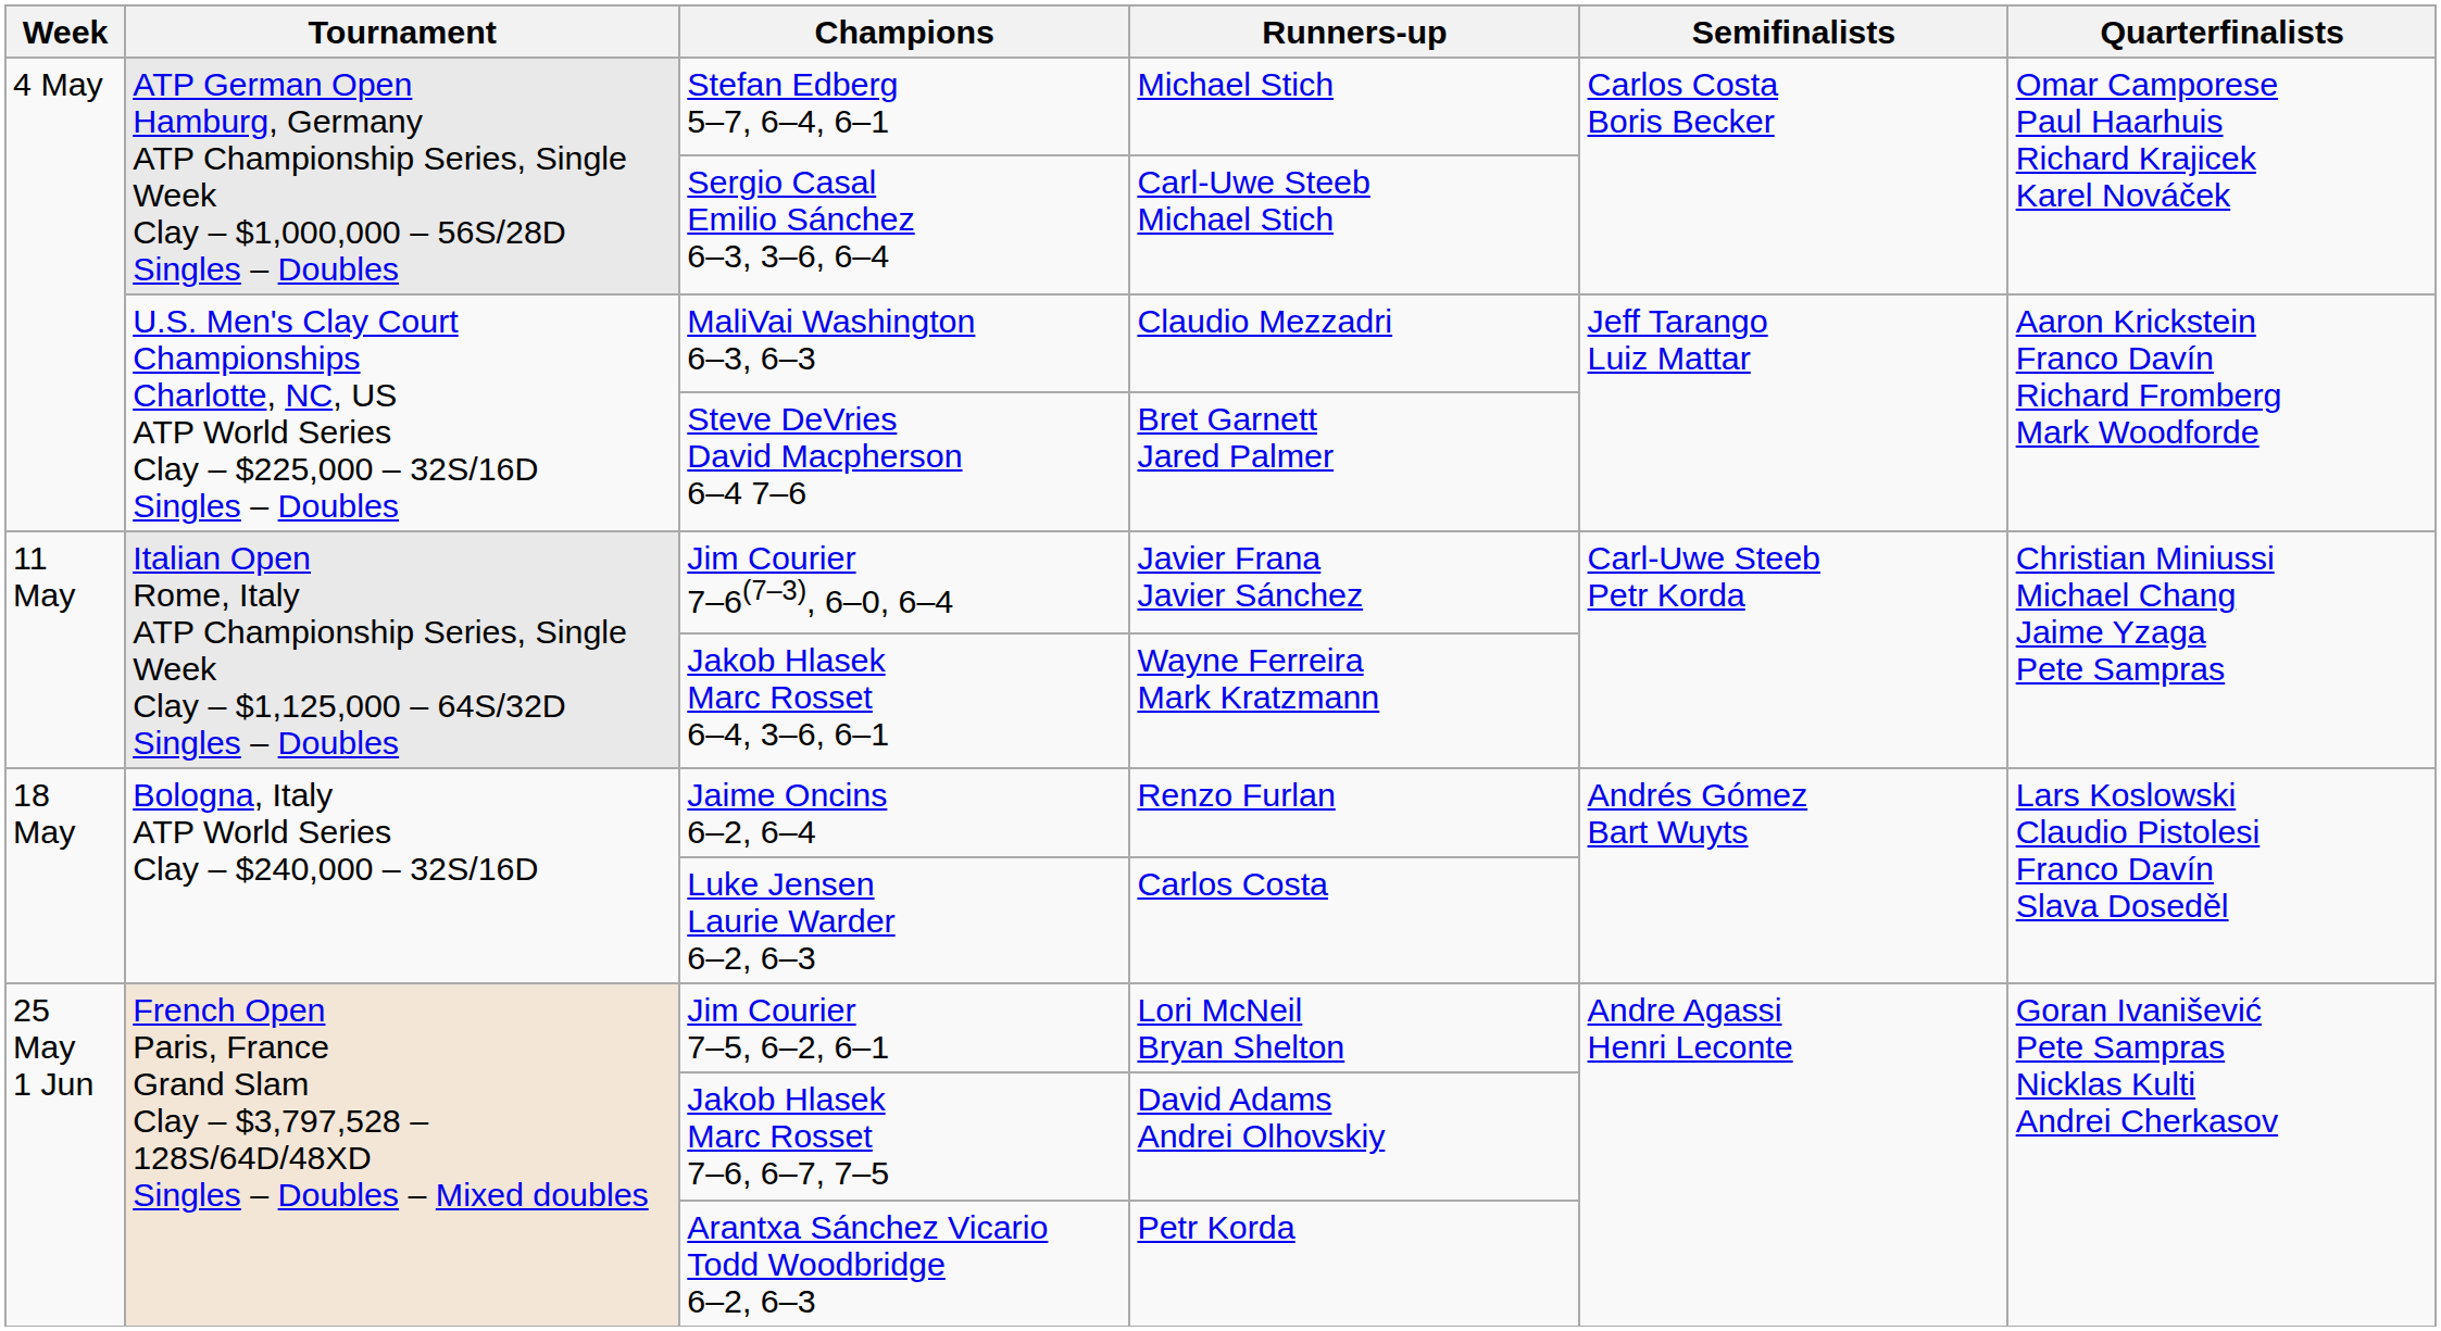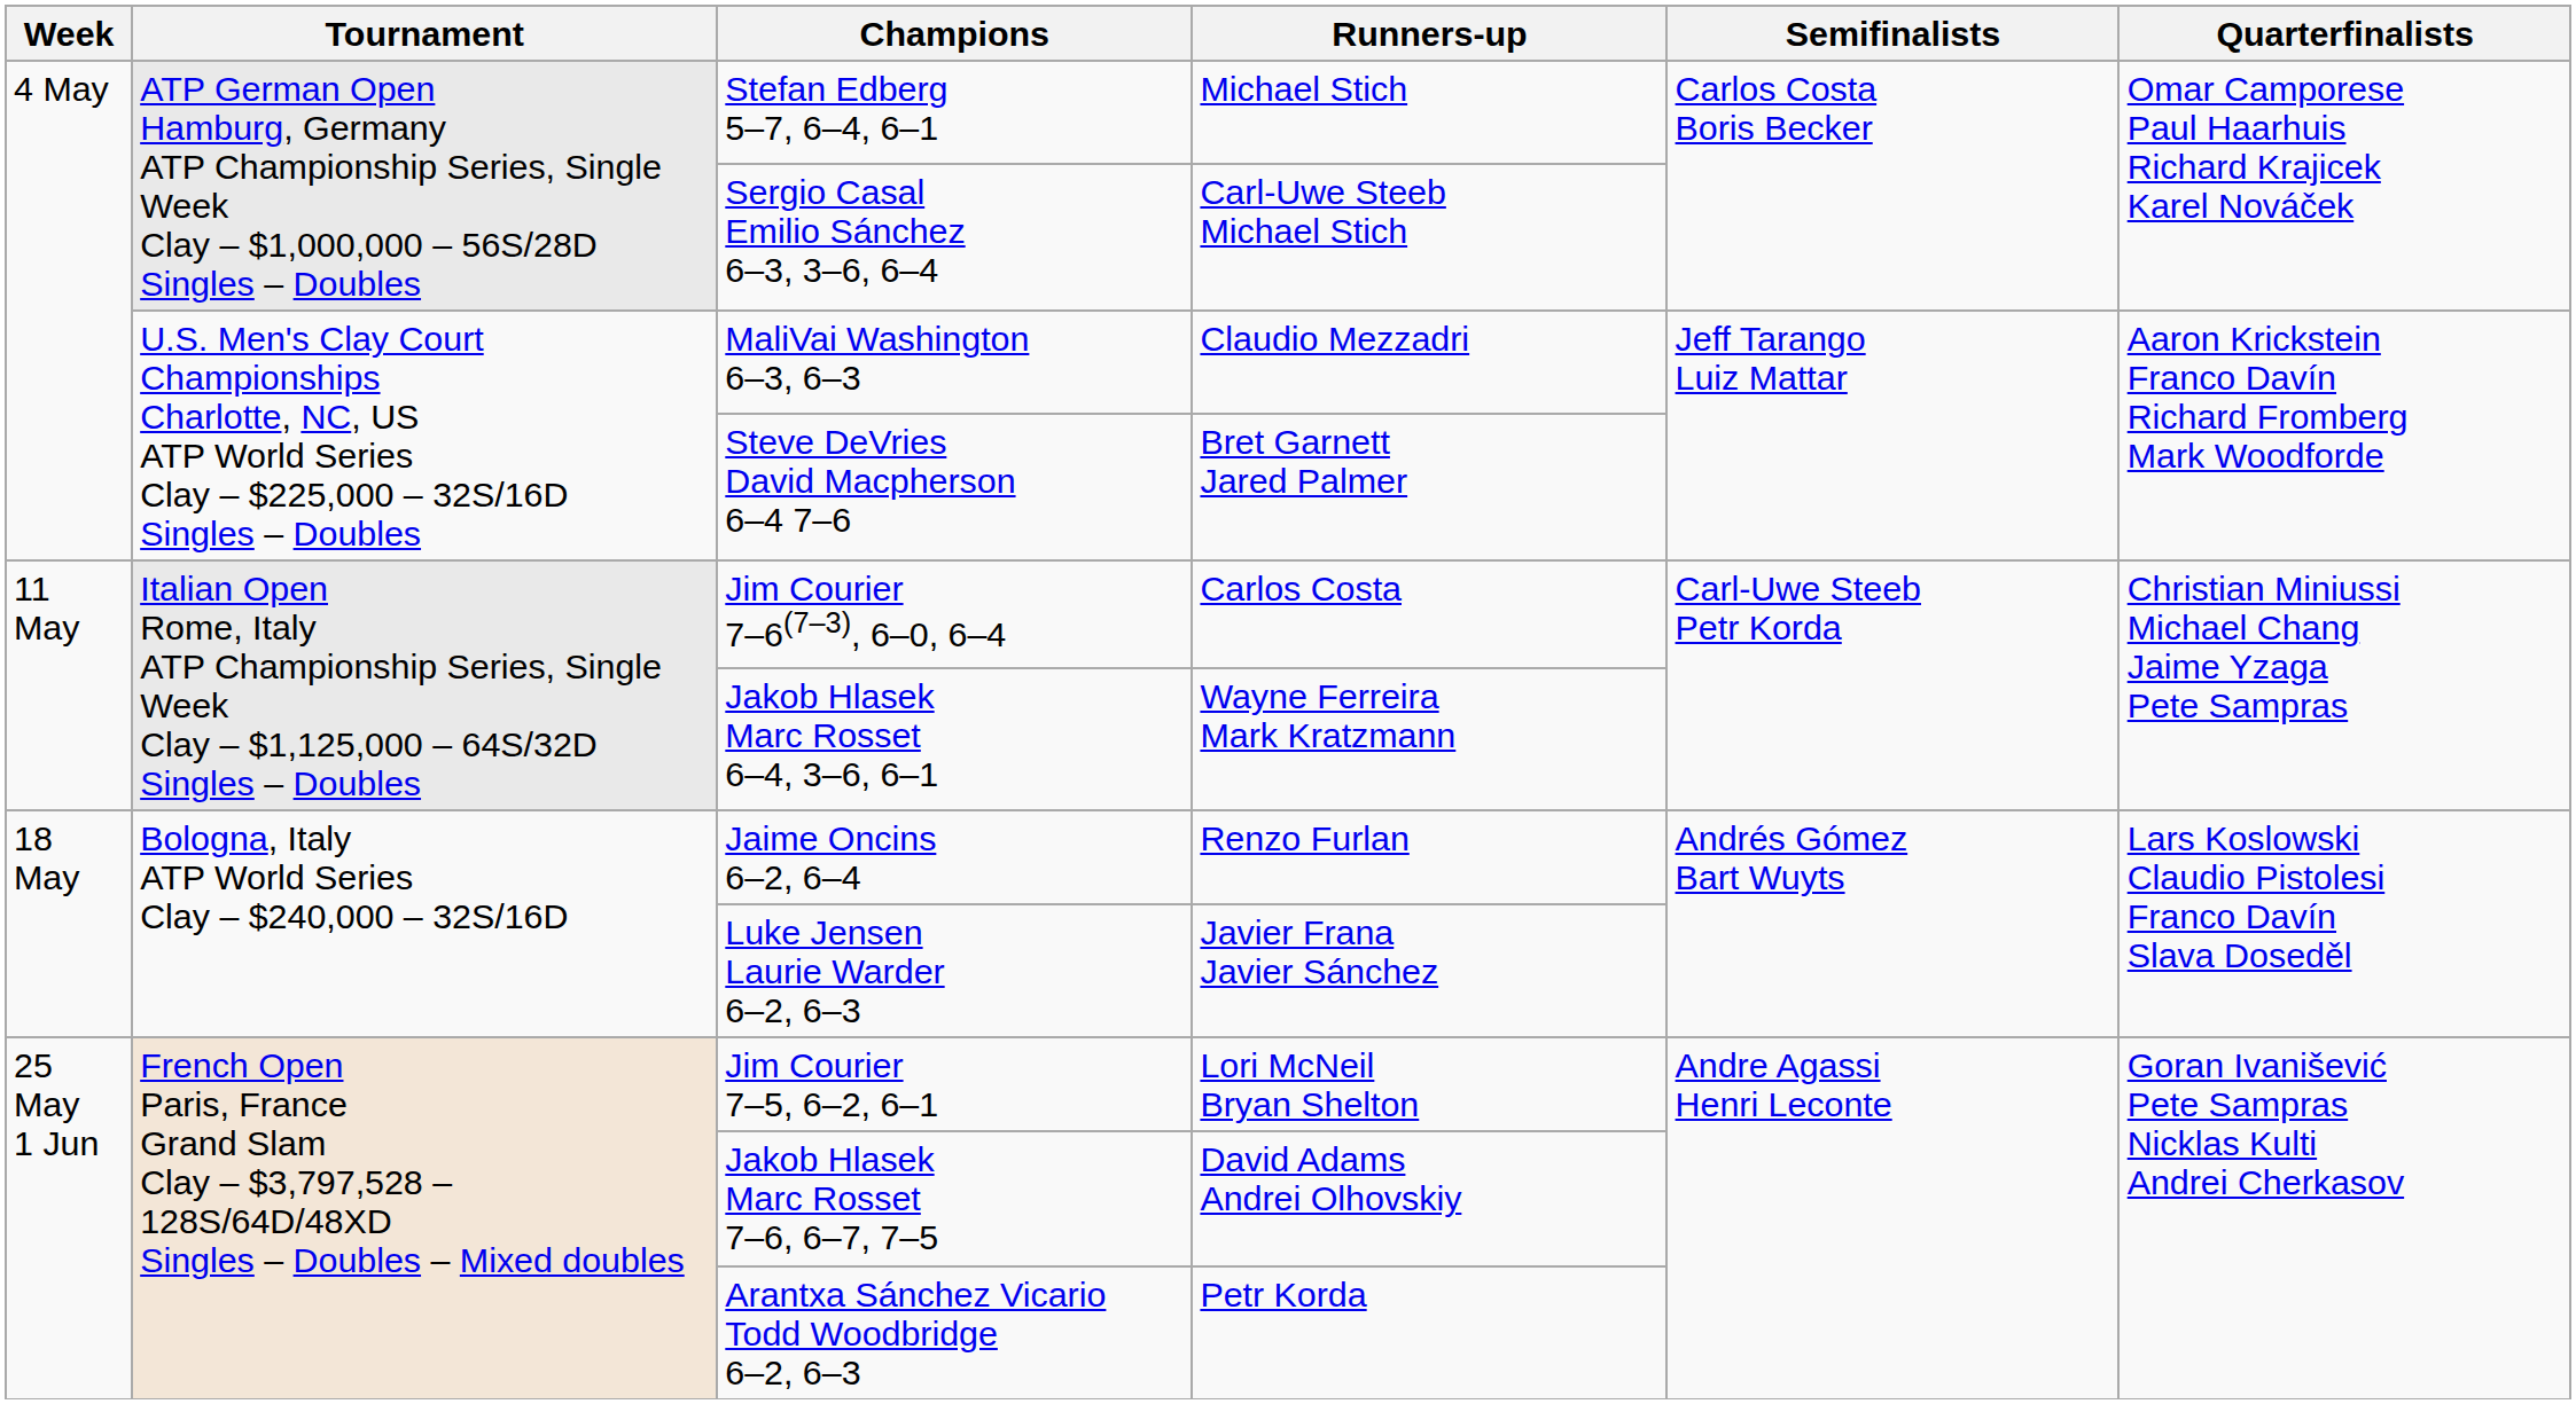 <table class=wikitable style=font-size:95%>
 <tr>
 <th style="width:48px;">Week</th>
 <th style="width:248px;">Tournament</th>
 <th style="width:200px;">Champions</th>
 <th style="width:200px;">Runners-up</th>
 <th style="width:190px;">Semifinalists</th>
 <th style="width:190px;">Quarterfinalists</th>
 </tr>
 <tr valign=top>
 <td rowspan=4>4 May</td>
 <td bgcolor=#E9E9E9 rowspan=2><a href='#'>ATP German Open</a> <br> <a href='#'>Hamburg</a>, Germany<br>ATP Championship Series, Single Week<br> Clay – $1,000,000 – 56S/28D <br> <a href='#'>Singles</a> – <a href='#'>Doubles</a></td>
 <td> <a href='#'>Stefan Edberg</a><br> 5–7, 6–4, 6–1</td>
 <td> <a href='#'>Michael Stich</a></td>
 <td rowspan=2> <a href='#'>Carlos Costa</a><br> <a href='#'>Boris Becker</a></td>
 <td rowspan=2> <a href='#'>Omar Camporese</a><br> <a href='#'>Paul Haarhuis</a><br> <a href='#'>Richard Krajicek</a><br> <a href='#'>Karel Nováček</a></td>
 </tr>
 <tr valign=top>
 <td> <a href='#'>Sergio Casal</a> <br>  <a href='#'>Emilio Sánchez</a><br> 6–3, 3–6, 6–4</td>
 <td> <a href='#'>Carl-Uwe Steeb</a> <br>  <a href='#'>Michael Stich</a></td>
 </tr>
 <tr valign=top>
 <td rowspan=2><a href='#'>U.S. Men's Clay Court Championships</a> <br> <a href='#'>Charlotte</a>, <a href='#'>NC</a>, US<br>ATP World Series <br> Clay – $225,000 – 32S/16D <br> <a href='#'>Singles</a> – <a href='#'>Doubles</a></td>
 <td> <a href='#'>MaliVai Washington</a><br> 6–3, 6–3</td>
 <td> <a href='#'>Claudio Mezzadri</a></td>
 <td rowspan=2> <a href='#'>Jeff Tarango</a><br> <a href='#'>Luiz Mattar</a></td>
 <td rowspan=2> <a href='#'>Aaron Krickstein</a><br> <a href='#'>Franco Davín</a><br> <a href='#'>Richard Fromberg</a><br> <a href='#'>Mark Woodforde</a></td>
 </tr>
 <tr valign=top>
 <td> <a href='#'>Steve DeVries</a> <br>  <a href='#'>David Macpherson</a><br> 6–4 7–6</td>
 <td> <a href='#'>Bret Garnett</a> <br>  <a href='#'>Jared Palmer</a></td>
 </tr>
 <tr valign=top>
 <td rowspan=2>11 May</td>
 <td bgcolor=#E9E9E9 rowspan=2><a href='#'>Italian Open</a> <br>  Rome, Italy<br>ATP Championship Series, Single Week <br> Clay – $1,125,000 – 64S/32D <br> <a href='#'>Singles</a> – <a href='#'>Doubles</a></td>
 <td> <a href='#'>Jim Courier</a><br> 7–6<sup>(7–3)</sup>, 6–0, 6–4</td>
-<td> <a href='#'>Javier Frana</a> <br>  <a href='#'>Javier Sánchez</a></td>
+<td> <a href='#'>Carlos Costa</a></td>
 <td rowspan=2> <a href='#'>Carl-Uwe Steeb</a><br> <a href='#'>Petr Korda</a></td>
 <td rowspan=2> <a href='#'>Christian Miniussi</a><br> <a href='#'>Michael Chang</a><br> <a href='#'>Jaime Yzaga</a><br> <a href='#'>Pete Sampras</a></td>
 </tr>
 <tr valign=top>
 <td> <a href='#'>Jakob Hlasek</a> <br>  <a href='#'>Marc Rosset</a><br> 6–4, 3–6, 6–1</td>
 <td> <a href='#'>Wayne Ferreira</a> <br>  <a href='#'>Mark Kratzmann</a></td>
 </tr>
 <tr valign=top>
 <td rowspan=2>18 May</td>
 <td rowspan=2><a href='#'>Bologna</a>, Italy<br>ATP World Series <br>Clay – $240,000 – 32S/16D</td>
 <td> <a href='#'>Jaime Oncins</a><br> 6–2, 6–4</td>
 <td> <a href='#'>Renzo Furlan</a></td>
 <td rowspan=2> <a href='#'>Andrés Gómez</a><br> <a href='#'>Bart Wuyts</a></td>
 <td rowspan=2> <a href='#'>Lars Koslowski</a><br> <a href='#'>Claudio Pistolesi</a><br> <a href='#'>Franco Davín</a><br> <a href='#'>Slava Doseděl</a></td>
 </tr>
 <tr valign=top>
 <td> <a href='#'>Luke Jensen</a> <br>  <a href='#'>Laurie Warder</a><br> 6–2, 6–3</td>
-<td> <a href='#'>Carlos Costa</a></td>
+<td> <a href='#'>Javier Frana</a> <br>  <a href='#'>Javier Sánchez</a></td>
 </tr>
 <tr valign=top>
 <td rowspan=3>25 May<br>1 Jun</td>
 <td bgcolor=#F3E6D7 rowspan=3><a href='#'>French Open</a><br>  Paris, France<br>Grand Slam<br>Clay – $3,797,528 – 128S/64D/48XD <br> <a href='#'>Singles</a> – <a href='#'>Doubles</a> – <a href='#'>Mixed doubles</a></td>
 <td> <a href='#'>Jim Courier</a><br>7–5, 6–2, 6–1</td>
 <td> <a href='#'>Lori McNeil</a> <br>  <a href='#'>Bryan Shelton</a></td>
 <td rowspan=3> <a href='#'>Andre Agassi</a> <br>  <a href='#'>Henri Leconte</a></td>
 <td rowspan=3> <a href='#'>Goran Ivanišević</a> <br>  <a href='#'>Pete Sampras</a> <br>  <a href='#'>Nicklas Kulti</a> <br>  <a href='#'>Andrei Cherkasov</a></td>
 </tr>
 <tr valign=top>
 <td> <a href='#'>Jakob Hlasek</a> <br>  <a href='#'>Marc Rosset</a><br> 7–6, 6–7, 7–5</td>
 <td> <a href='#'>David Adams</a> <br>  <a href='#'>Andrei Olhovskiy</a></td>
 </tr>
 <tr valign=top>
 <td> <a href='#'>Arantxa Sánchez Vicario</a> <br>  <a href='#'>Todd Woodbridge</a><br> 6–2, 6–3</td>
 <td> <a href='#'>Petr Korda</a></td>
 </tr>
 </table>
